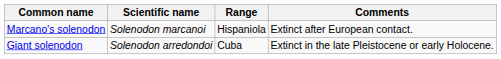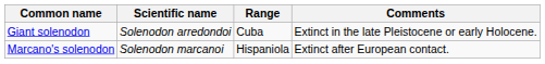 <table class="wikitable">
 <tr>
 <th>Common name</th>
 <th>Scientific name</th>
 <th>Range</th>
 <th class="unsortable">Comments</th>
 </tr>
 <tr>
+<td><a href='#'>Giant solenodon</a></td>
+<td><em>Solenodon arredondoi</em></td>
+<td>Cuba</td>
+<td>Extinct in the late Pleistocene or early Holocene.</td>
+</tr>
+<tr>
 <td><a href='#'>Marcano's solenodon</a></td>
 <td><em>Solenodon marcanoi</em></td>
 <td>Hispaniola</td>
 <td>Extinct after European contact.</td>
 </tr>
-<tr>
-<td><a href='#'>Giant solenodon</a></td>
-<td><em>Solenodon arredondoi</em></td>
-<td>Cuba</td>
-<td>Extinct in the late Pleistocene or early Holocene.</td>
-</tr>
 </table>
